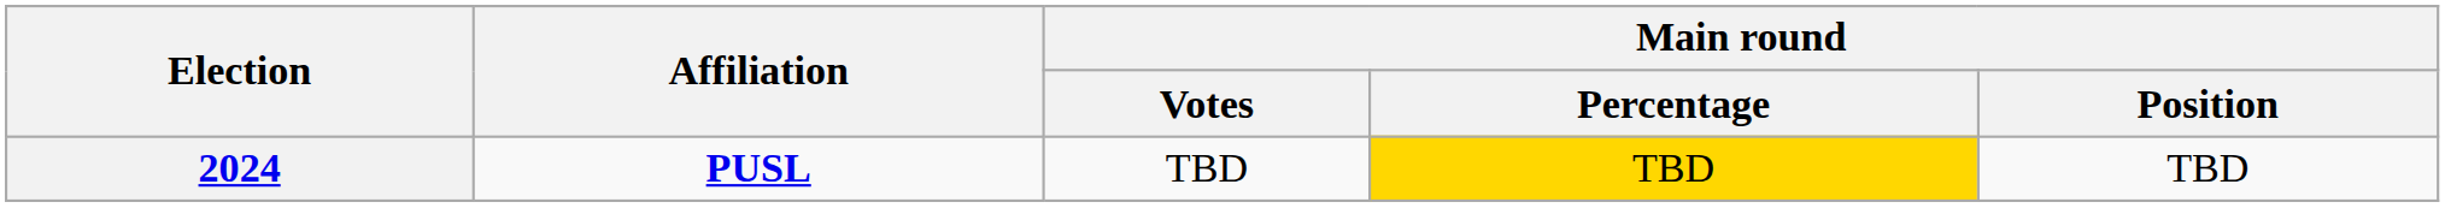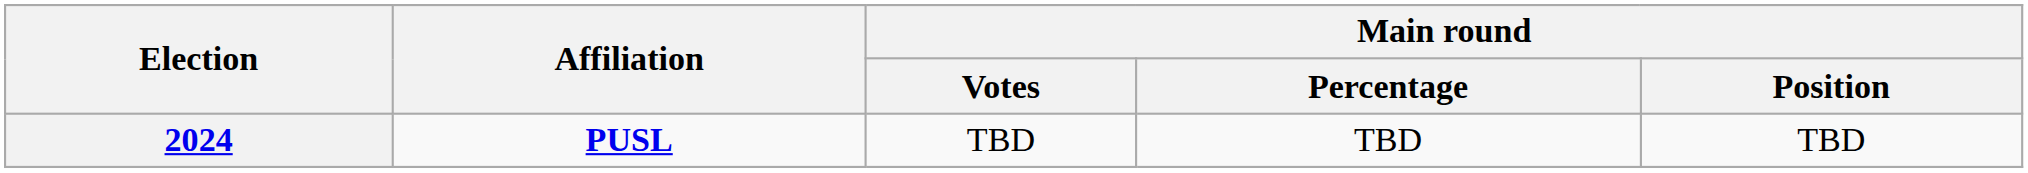 <table class=wikitable width=75%>
 <tr>
 <th rowspan=2>Election</th>
 <th rowspan=2>Affiliation</th>
 <th colspan=3>Main round</th>
 </tr>
 <tr>
 <th>Votes</th>
 <th>Percentage</th>
 <th>Position</th>
 </tr>
 <tr align=center>
 <th><a href='#'>2024</a></th>
 <td><strong><a href='#'>PUSL</a></strong></td>
 <td>TBD</td>
-<td style="background: gold;">TBD</td>
+<td>TBD</td>
 <td>TBD</td>
 </tr>
 </table>
